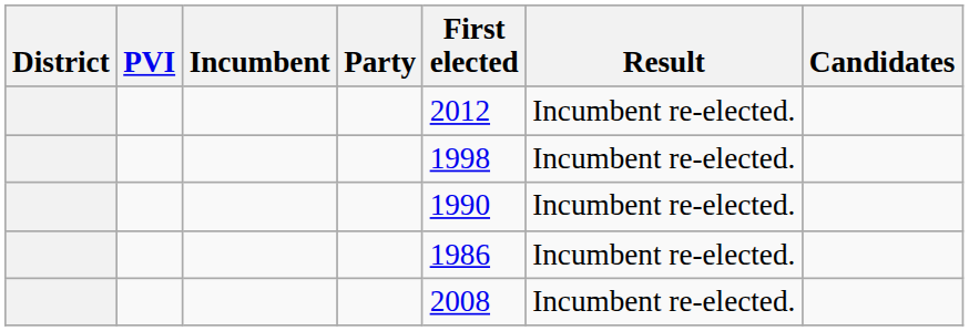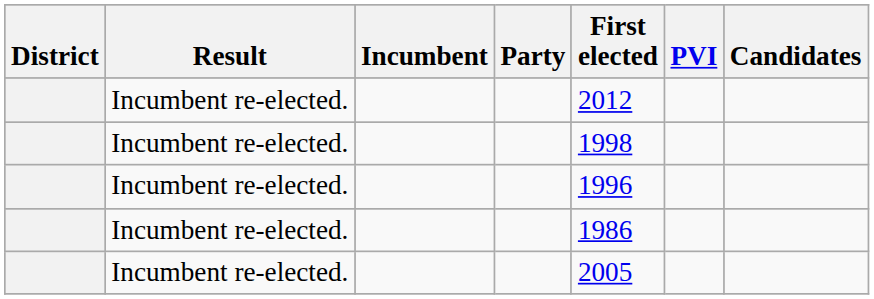 <table class="wikitable sortable">
 <tr valign=bottom>
 <th>District</th>
-<th><a href='#'>PVI</a></th>
+<th>Result</th>
 <th>Incumbent</th>
 <th>Party</th>
 <th>First<br>elected</th>
-<th>Result</th>
+<th><a href='#'>PVI</a></th>
 <th>Candidates</th>
 </tr>
 <tr>
 <th></th>
-<td></td>
+<td>Incumbent re-elected.</td>
 <td></td>
 <td></td>
 <td><a href='#'>2012 </a></td>
-<td>Incumbent re-elected.</td>
+<td></td>
 <td nowrap></td>
 </tr>
 <tr>
 <th></th>
-<td></td>
+<td>Incumbent re-elected.</td>
 <td></td>
 <td></td>
 <td><a href='#'>1998</a></td>
-<td>Incumbent re-elected.</td>
+<td></td>
 <td nowrap></td>
 </tr>
 <tr>
 <th></th>
+<td>Incumbent re-elected.</td>
 <td></td>
 <td></td>
+<td><a href='#'>1996</a></td>
 <td></td>
-<td><a href='#'>1990</a></td>
-<td>Incumbent re-elected.</td>
 <td nowrap></td>
 </tr>
 <tr>
 <th></th>
-<td></td>
+<td>Incumbent re-elected.</td>
 <td></td>
 <td></td>
 <td><a href='#'>1986</a></td>
-<td>Incumbent re-elected.</td>
+<td></td>
 <td nowrap></td>
 </tr>
 <tr>
 <th></th>
+<td>Incumbent re-elected.</td>
 <td></td>
 <td></td>
+<td><a href='#'>2005</a></td>
 <td></td>
-<td><a href='#'>2008</a></td>
-<td>Incumbent re-elected.</td>
 <td nowrap></td>
 </tr>
 </table>
